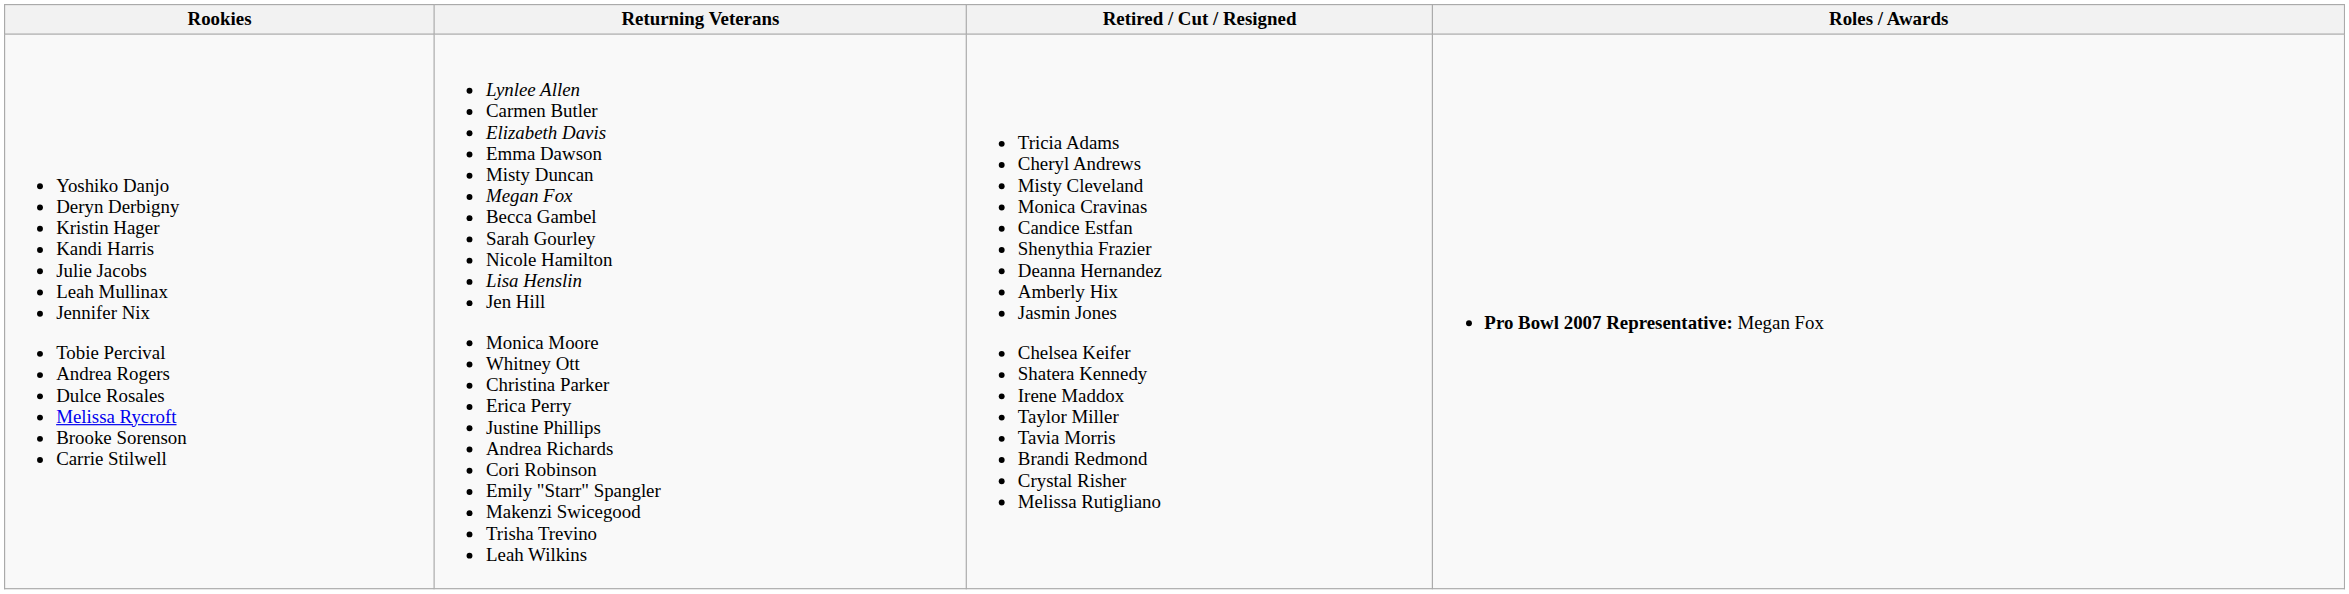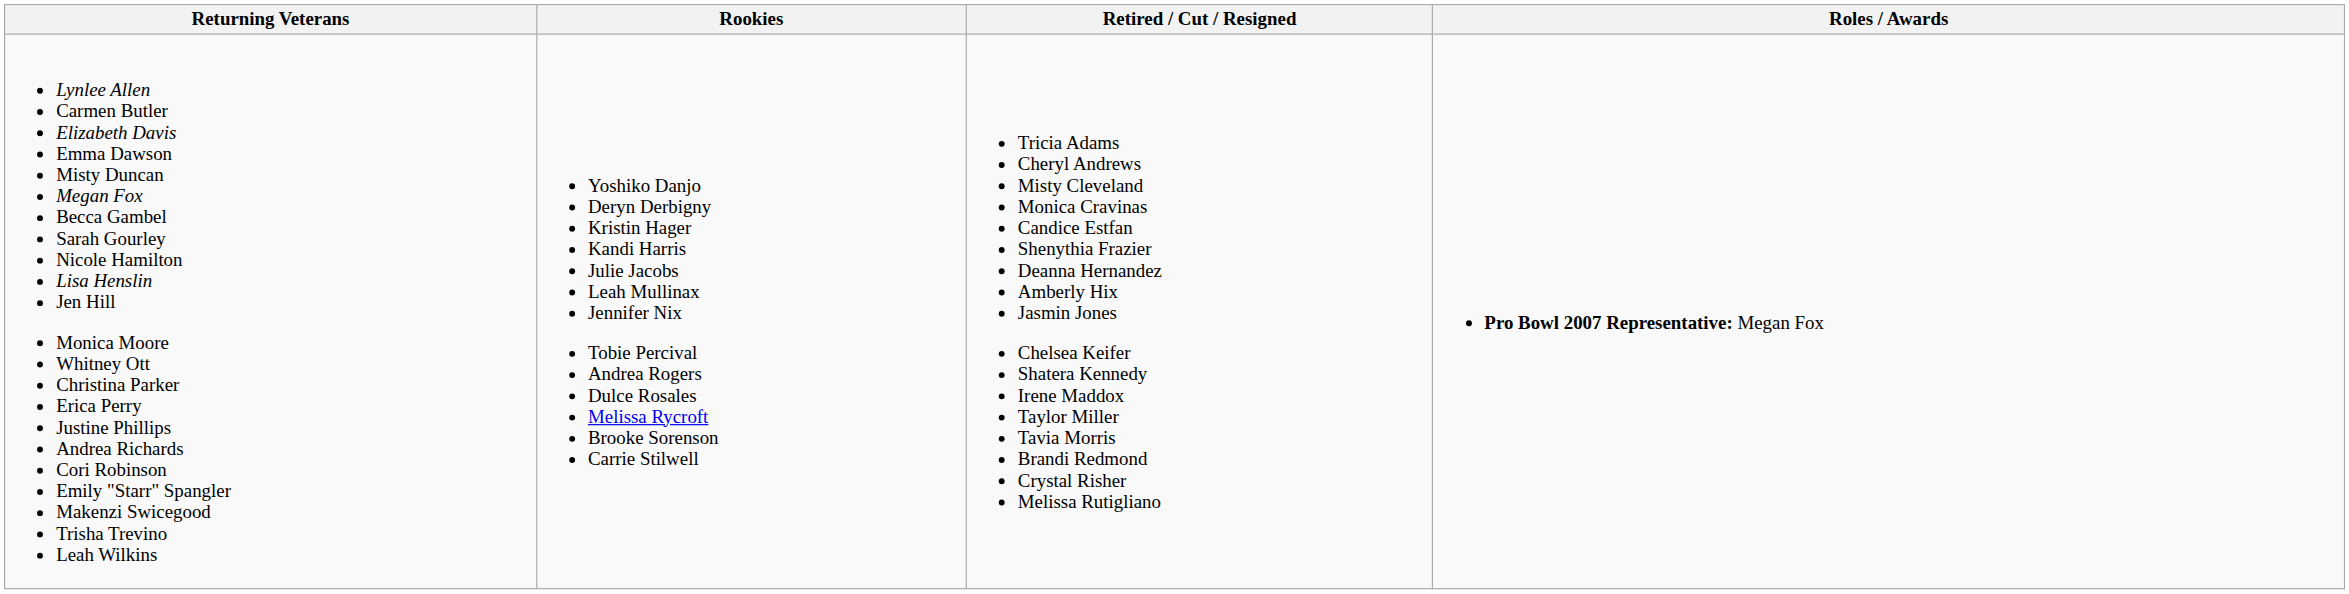 <table class="wikitable" style="width:100%;">
 <tr>
+<th>Returning Veterans</th>
 <th>Rookies</th>
-<th>Returning Veterans</th>
 <th>Retired / Cut / Resigned</th>
 <th>Roles / Awards</th>
 </tr>
 <tr>
+<td><br><ul><li><em>Lynlee Allen</em></li><li>Carmen Butler</li><li><em>Elizabeth Davis</em></li><li>Emma Dawson</li><li>Misty Duncan</li><li><em>Megan Fox</em></li><li>Becca Gambel</li><li>Sarah Gourley</li><li>Nicole Hamilton</li><li><em>Lisa Henslin</em></li><li>Jen Hill</li></ul><ul><li>Monica Moore</li><li>Whitney Ott</li><li>Christina Parker</li><li>Erica Perry</li><li>Justine Phillips</li><li>Andrea Richards</li><li>Cori Robinson</li><li>Emily "Starr" Spangler</li><li>Makenzi Swicegood</li><li>Trisha Trevino</li><li>Leah Wilkins</li></ul></td>
 <td><br><ul><li>Yoshiko Danjo</li><li>Deryn Derbigny</li><li>Kristin Hager</li><li>Kandi Harris</li><li>Julie Jacobs</li><li>Leah Mullinax</li><li>Jennifer Nix</li></ul><ul><li>Tobie Percival</li><li>Andrea Rogers</li><li>Dulce Rosales</li><li><a href='#'>Melissa Rycroft</a></li><li>Brooke Sorenson</li><li>Carrie Stilwell</li></ul></td>
-<td><br><ul><li><em>Lynlee Allen</em></li><li>Carmen Butler</li><li><em>Elizabeth Davis</em></li><li>Emma Dawson</li><li>Misty Duncan</li><li><em>Megan Fox</em></li><li>Becca Gambel</li><li>Sarah Gourley</li><li>Nicole Hamilton</li><li><em>Lisa Henslin</em></li><li>Jen Hill</li></ul><ul><li>Monica Moore</li><li>Whitney Ott</li><li>Christina Parker</li><li>Erica Perry</li><li>Justine Phillips</li><li>Andrea Richards</li><li>Cori Robinson</li><li>Emily "Starr" Spangler</li><li>Makenzi Swicegood</li><li>Trisha Trevino</li><li>Leah Wilkins</li></ul></td>
 <td><br><ul><li>Tricia Adams </li><li>Cheryl Andrews </li><li>Misty Cleveland </li><li>Monica Cravinas </li><li>Candice Estfan </li><li>Shenythia Frazier </li><li>Deanna Hernandez </li><li>Amberly Hix </li><li>Jasmin Jones </li></ul><ul><li>Chelsea Keifer </li><li>Shatera Kennedy </li><li>Irene Maddox </li><li>Taylor Miller </li><li>Tavia Morris </li><li>Brandi Redmond </li><li>Crystal Risher </li><li>Melissa Rutigliano </li></ul></td>
 <td><br><ul><li><strong>Pro Bowl 2007 Representative:</strong> Megan Fox</li></ul></td>
 </tr>
 </table>
